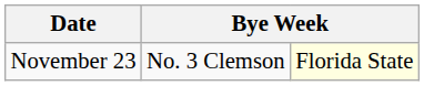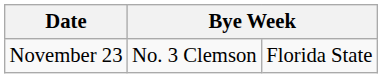 <table class="wikitable" style="font-size:95%;">
 <tr>
 <th>Date</th>
 <th colspan="2">Bye Week</th>
 </tr>
 <tr>
 <td>November 23</td>
 <td>No. 3 Clemson</td>
-<td style="background: lightyellow;">Florida State</td>
+<td>Florida State</td>
 </tr>
 </table>
